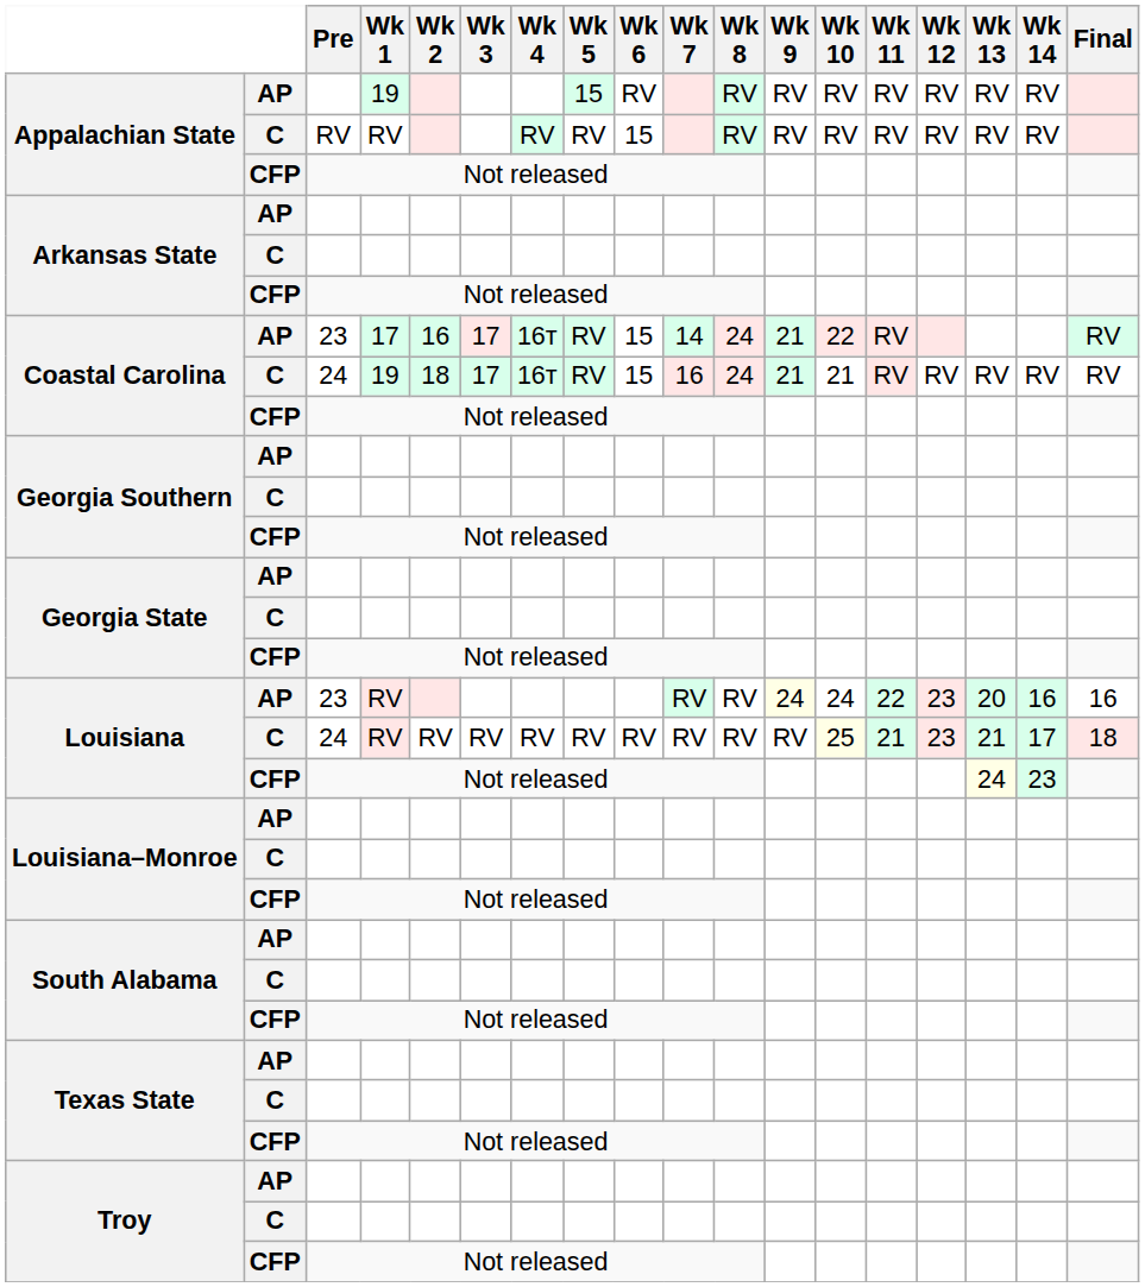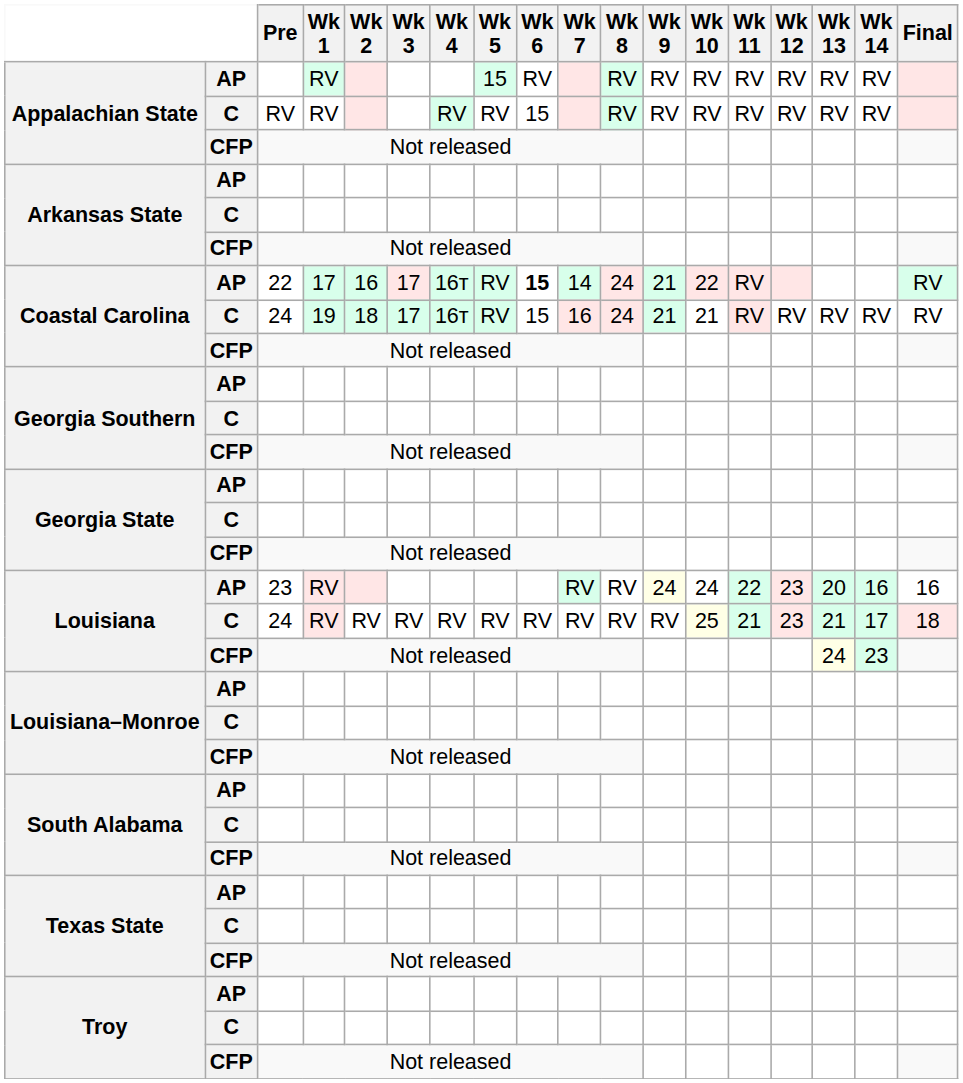 <table class="wikitable" style="white-space:nowrap; font-size:85%">
 <tr>
 <th colspan=2 style="background:white; border-top-style:hidden; border-left-style:hidden;"> </th>
 <th>Pre</th>
 <th>Wk<br>1</th>
 <th>Wk<br>2</th>
 <th>Wk<br>3</th>
 <th>Wk<br>4</th>
 <th>Wk<br>5</th>
 <th>Wk<br>6</th>
 <th>Wk<br>7</th>
 <th>Wk<br>8</th>
 <th>Wk<br>9</th>
 <th>Wk<br>10</th>
 <th>Wk<br>11</th>
 <th>Wk<br>12</th>
 <th>Wk<br>13</th>
 <th>Wk<br>14</th>
 <th>Final</th>
 </tr>
 <tr style="text-align:center;">
 <th rowspan="3">Appalachian State</th>
 <th>AP</th>
 <td style="background:#FFF;"></td>
-<td style="background:#d8ffeb;">19</td>
+<td style="background:#d8ffeb;">RV</td>
 <td style="background:#ffe6e6;"></td>
 <td style="background:#FFF;"></td>
 <td style="background:#FFF;"></td>
 <td style="background:#d8ffeb;">15</td>
 <td style="background:#FFF;">RV</td>
 <td style="background:#ffe6e6;"></td>
 <td style="background:#d8ffeb;">RV</td>
 <td style="background:#FFF;">RV</td>
 <td style="background:#FFF;">RV</td>
 <td style="background:#FFF;">RV</td>
 <td style="background:#FFF;">RV</td>
 <td style="background:#FFF;">RV</td>
 <td style="background:#FFF;">RV</td>
 <td style="background:#ffe6e6;"></td>
 </tr>
 <tr style="text-align:center;">
 <th>C</th>
 <td style="background:#FFF;">RV</td>
 <td style="background:#FFF;">RV</td>
 <td style="background:#ffe6e6;"></td>
 <td style="background:#FFF;"></td>
 <td style="background:#d8ffeb;">RV</td>
 <td style="background:#FFF;">RV</td>
 <td style="background:#FFF;">15</td>
 <td style="background:#ffe6e6;"></td>
 <td style="background:#d8ffeb;">RV</td>
 <td style="background:#FFF;">RV</td>
 <td style="background:#FFF;">RV</td>
 <td style="background:#FFF;">RV</td>
 <td style="background:#FFF;">RV</td>
 <td style="background:#FFF;">RV</td>
 <td style="background:#FFF;">RV</td>
 <td style="background:#ffe6e6;"></td>
 </tr>
 <tr style="text-align:center;">
 <th>CFP</th>
 <td colspan="9" style="text-align:center;">Not released</td>
 <td style="background:#FFF;"></td>
 <td style="background:#FFF;"></td>
 <td style="background:#FFF;"></td>
 <td style="background:#FFF;"></td>
 <td style="background:#FFF;"></td>
 <td style="background:#FFF;"></td>
 <td style="text-align:center;"></td>
 </tr>
 <tr style="text-align:center;">
 <th rowspan="3">Arkansas State</th>
 <th>AP</th>
 <td style="background:#FFF;"></td>
 <td style="background:#FFF;"></td>
 <td style="background:#FFF;"></td>
 <td style="background:#FFF;"></td>
 <td style="background:#FFF;"></td>
 <td style="background:#FFF;"></td>
 <td style="background:#FFF;"></td>
 <td style="background:#FFF;"></td>
 <td style="background:#FFF;"></td>
 <td style="background:#FFF;"></td>
 <td style="background:#FFF;"></td>
 <td style="background:#FFF;"></td>
 <td style="background:#FFF;"></td>
 <td style="background:#FFF;"></td>
 <td style="background:#FFF;"></td>
 <td style="background:#FFF;"></td>
 </tr>
 <tr style="text-align:center;">
 <th>C</th>
 <td style="background:#FFF;"></td>
 <td style="background:#FFF;"></td>
 <td style="background:#FFF;"></td>
 <td style="background:#FFF;"></td>
 <td style="background:#FFF;"></td>
 <td style="background:#FFF;"></td>
 <td style="background:#FFF;"></td>
 <td style="background:#FFF;"></td>
 <td style="background:#FFF;"></td>
 <td style="background:#FFF;"></td>
 <td style="background:#FFF;"></td>
 <td style="background:#FFF;"></td>
 <td style="background:#FFF;"></td>
 <td style="background:#FFF;"></td>
 <td style="background:#FFF;"></td>
 <td style="background:#FFF;"></td>
 </tr>
 <tr style="text-align:center;">
 <th>CFP</th>
 <td colspan="9" style="text-align:center;">Not released</td>
 <td style="background:#FFF;"></td>
 <td style="background:#FFF;"></td>
 <td style="background:#FFF;"></td>
 <td style="background:#FFF;"></td>
 <td style="background:#FFF;"></td>
 <td style="background:#FFF;"></td>
 <td style="text-align:center;"></td>
 </tr>
 <tr style="text-align:center;">
 <th rowspan="3">Coastal Carolina</th>
 <th>AP</th>
-<td style="background:#FFF;">23</td>
+<td style="background:#FFF;">22</td>
 <td style="background:#d8ffeb;">17</td>
 <td style="background:#d8ffeb;">16</td>
 <td style="background:#ffe6e6;">17</td>
 <td style="background:#d8ffeb;">16т</td>
 <td style="background:#d8ffeb;">RV</td>
-<td style="background:#FFF;">15</td>
+<td style="background:#FFF;"><strong>15</strong></td>
 <td style="background:#d8ffeb;">14</td>
 <td style="background:#ffe6e6;">24</td>
 <td style="background:#d8ffeb;">21</td>
 <td style="background:#ffe6e6;">22</td>
 <td style="background:#ffe6e6;">RV</td>
 <td style="background:#ffe6e6;"></td>
 <td style="background:#FFF;"></td>
 <td style="background:#FFF;"></td>
 <td style="background:#d8ffeb;">RV</td>
 </tr>
 <tr style="text-align:center;">
 <th>C</th>
 <td style="background:#FFF;">24</td>
 <td style="background:#d8ffeb;">19</td>
 <td style="background:#d8ffeb;">18</td>
 <td style="background:#d8ffeb;">17</td>
 <td style="background:#d8ffeb;">16т</td>
 <td style="background:#d8ffeb;">RV</td>
 <td style="background:#FFF;">15</td>
 <td style="background:#ffe6e6;">16</td>
 <td style="background:#ffe6e6;">24</td>
 <td style="background:#d8ffeb;">21</td>
 <td style="background:#FFF;">21</td>
 <td style="background:#ffe6e6;">RV</td>
 <td style="background:#FFF;">RV</td>
 <td style="background:#FFF;">RV</td>
 <td style="background:#FFF;">RV</td>
 <td style="background:#FFF;">RV</td>
 </tr>
 <tr style="text-align:center;">
 <th>CFP</th>
 <td colspan="9" style="text-align:center;">Not released</td>
 <td style="background:#FFF;"></td>
 <td style="background:#FFF;"></td>
 <td style="background:#FFF;"></td>
 <td style="background:#FFF;"></td>
 <td style="background:#FFF;"></td>
 <td style="background:#FFF;"></td>
 <td style="text-align:center;"></td>
 </tr>
 <tr style="text-align:center;">
 <th rowspan="3">Georgia Southern</th>
 <th>AP</th>
 <td style="background:#FFF;"></td>
 <td style="background:#FFF;"></td>
 <td style="background:#FFF;"></td>
 <td style="background:#FFF;"></td>
 <td style="background:#FFF;"></td>
 <td style="background:#FFF;"></td>
 <td style="background:#FFF;"></td>
 <td style="background:#FFF;"></td>
 <td style="background:#FFF;"></td>
 <td style="background:#FFF;"></td>
 <td style="background:#FFF;"></td>
 <td style="background:#FFF;"></td>
 <td style="background:#FFF;"></td>
 <td style="background:#FFF;"></td>
 <td style="background:#FFF;"></td>
 <td style="background:#FFF;"></td>
 </tr>
 <tr style="text-align:center;">
 <th>C</th>
 <td style="background:#FFF;"></td>
 <td style="background:#FFF;"></td>
 <td style="background:#FFF;"></td>
 <td style="background:#FFF;"></td>
 <td style="background:#FFF;"></td>
 <td style="background:#FFF;"></td>
 <td style="background:#FFF;"></td>
 <td style="background:#FFF;"></td>
 <td style="background:#FFF;"></td>
 <td style="background:#FFF;"></td>
 <td style="background:#FFF;"></td>
 <td style="background:#FFF;"></td>
 <td style="background:#FFF;"></td>
 <td style="background:#FFF;"></td>
 <td style="background:#FFF;"></td>
 <td style="background:#FFF;"></td>
 </tr>
 <tr style="text-align:center;">
 <th>CFP</th>
 <td colspan="9" style="text-align:center;">Not released</td>
 <td style="background:#FFF;"></td>
 <td style="background:#FFF;"></td>
 <td style="background:#FFF;"></td>
 <td style="background:#FFF;"></td>
 <td style="background:#FFF;"></td>
 <td style="background:#FFF;"></td>
 <td style="text-align:center;"></td>
 </tr>
 <tr style="text-align:center;">
 <th rowspan="3">Georgia State</th>
 <th>AP</th>
 <td style="background:#FFF;"></td>
 <td style="background:#FFF;"></td>
 <td style="background:#FFF;"></td>
 <td style="background:#FFF;"></td>
 <td style="background:#FFF;"></td>
 <td style="background:#FFF;"></td>
 <td style="background:#FFF;"></td>
 <td style="background:#FFF;"></td>
 <td style="background:#FFF;"></td>
 <td style="background:#FFF;"></td>
 <td style="background:#FFF;"></td>
 <td style="background:#FFF;"></td>
 <td style="background:#FFF;"></td>
 <td style="background:#FFF;"></td>
 <td style="background:#FFF;"></td>
 <td style="background:#FFF;"></td>
 </tr>
 <tr style="text-align:center;">
 <th>C</th>
 <td style="background:#FFF;"></td>
 <td style="background:#FFF;"></td>
 <td style="background:#FFF;"></td>
 <td style="background:#FFF;"></td>
 <td style="background:#FFF;"></td>
 <td style="background:#FFF;"></td>
 <td style="background:#FFF;"></td>
 <td style="background:#FFF;"></td>
 <td style="background:#FFF;"></td>
 <td style="background:#FFF;"></td>
 <td style="background:#FFF;"></td>
 <td style="background:#FFF;"></td>
 <td style="background:#FFF;"></td>
 <td style="background:#FFF;"></td>
 <td style="background:#FFF;"></td>
 <td style="background:#FFF;"></td>
 </tr>
 <tr style="text-align:center;">
 <th>CFP</th>
 <td colspan="9" style="text-align:center;">Not released</td>
 <td style="background:#FFF;"></td>
 <td style="background:#FFF;"></td>
 <td style="background:#FFF;"></td>
 <td style="background:#FFF;"></td>
 <td style="background:#FFF;"></td>
 <td style="background:#FFF;"></td>
 <td style="text-align:center;"></td>
 </tr>
 <tr style="text-align:center;">
 <th rowspan="3">Louisiana</th>
 <th>AP</th>
 <td style="background:#FFF;">23</td>
 <td style="background:#ffe6e6;">RV</td>
 <td style="background:#ffe6e6;"></td>
 <td style="background:#FFF;"></td>
 <td style="background:#FFF;"></td>
 <td style="background:#FFF;"></td>
 <td style="background:#FFF;"></td>
 <td style="background:#d8ffeb;">RV</td>
 <td style="background:#FFF;">RV</td>
 <td style="background:#ffffe6;">24</td>
 <td style="background:#FFF;">24</td>
 <td style="background:#d8ffeb;">22</td>
 <td style="background:#ffe6e6;">23</td>
 <td style="background:#d8ffeb;">20</td>
 <td style="background:#d8ffeb;">16</td>
 <td style="background:#FFF;">16</td>
 </tr>
 <tr style="text-align:center;">
 <th>C</th>
 <td style="background:#FFF;">24</td>
 <td style="background:#ffe6e6;">RV</td>
 <td style="background:#FFF;">RV</td>
 <td style="background:#FFF;">RV</td>
 <td style="background:#FFF;">RV</td>
 <td style="background:#FFF;">RV</td>
 <td style="background:#FFF;">RV</td>
 <td style="background:#FFF;">RV</td>
 <td style="background:#FFF;">RV</td>
 <td style="background:#FFF;">RV</td>
 <td style="background:#ffffe6;">25</td>
 <td style="background:#d8ffeb;">21</td>
 <td style="background:#ffe6e6;">23</td>
 <td style="background:#d8ffeb;">21</td>
 <td style="background:#d8ffeb;">17</td>
 <td style="background:#ffe6e6;">18</td>
 </tr>
 <tr style="text-align:center;">
 <th>CFP</th>
 <td colspan="9" style="text-align:center;">Not released</td>
 <td style="background:#FFF;"></td>
 <td style="background:#FFF;"></td>
 <td style="background:#FFF;"></td>
 <td style="background:#FFF;"></td>
 <td style="background:#ffffe6;">24</td>
 <td style="background:#d8ffeb;">23</td>
 <td style="text-align:center;"></td>
 </tr>
 <tr style="text-align:center;">
 <th rowspan="3">Louisiana–Monroe</th>
 <th>AP</th>
 <td style="background:#FFF;"></td>
 <td style="background:#FFF;"></td>
 <td style="background:#FFF;"></td>
 <td style="background:#FFF;"></td>
 <td style="background:#FFF;"></td>
 <td style="background:#FFF;"></td>
 <td style="background:#FFF;"></td>
 <td style="background:#FFF;"></td>
 <td style="background:#FFF;"></td>
 <td style="background:#FFF;"></td>
 <td style="background:#FFF;"></td>
 <td style="background:#FFF;"></td>
 <td style="background:#FFF;"></td>
 <td style="background:#FFF;"></td>
 <td style="background:#FFF;"></td>
 <td style="background:#FFF;"></td>
 </tr>
 <tr style="text-align:center;">
 <th>C</th>
 <td style="background:#FFF;"></td>
 <td style="background:#FFF;"></td>
 <td style="background:#FFF;"></td>
 <td style="background:#FFF;"></td>
 <td style="background:#FFF;"></td>
 <td style="background:#FFF;"></td>
 <td style="background:#FFF;"></td>
 <td style="background:#FFF;"></td>
 <td style="background:#FFF;"></td>
 <td style="background:#FFF;"></td>
 <td style="background:#FFF;"></td>
 <td style="background:#FFF;"></td>
 <td style="background:#FFF;"></td>
 <td style="background:#FFF;"></td>
 <td style="background:#FFF;"></td>
 <td style="background:#FFF;"></td>
 </tr>
 <tr style="text-align:center;">
 <th>CFP</th>
 <td colspan="9" style="text-align:center;">Not released</td>
 <td style="background:#FFF;"></td>
 <td style="background:#FFF;"></td>
 <td style="background:#FFF;"></td>
 <td style="background:#FFF;"></td>
 <td style="background:#FFF;"></td>
 <td style="background:#FFF;"></td>
 <td style="text-align:center;"></td>
 </tr>
 <tr style="text-align:center;">
 <th rowspan="3">South Alabama</th>
 <th>AP</th>
 <td style="background:#FFF;"></td>
 <td style="background:#FFF;"></td>
 <td style="background:#FFF;"></td>
 <td style="background:#FFF;"></td>
 <td style="background:#FFF;"></td>
 <td style="background:#FFF;"></td>
 <td style="background:#FFF;"></td>
 <td style="background:#FFF;"></td>
 <td style="background:#FFF;"></td>
 <td style="background:#FFF;"></td>
 <td style="background:#FFF;"></td>
 <td style="background:#FFF;"></td>
 <td style="background:#FFF;"></td>
 <td style="background:#FFF;"></td>
 <td style="background:#FFF;"></td>
 <td style="background:#FFF;"></td>
 </tr>
 <tr style="text-align:center;">
 <th>C</th>
 <td style="background:#FFF;"></td>
 <td style="background:#FFF;"></td>
 <td style="background:#FFF;"></td>
 <td style="background:#FFF;"></td>
 <td style="background:#FFF;"></td>
 <td style="background:#FFF;"></td>
 <td style="background:#FFF;"></td>
 <td style="background:#FFF;"></td>
 <td style="background:#FFF;"></td>
 <td style="background:#FFF;"></td>
 <td style="background:#FFF;"></td>
 <td style="background:#FFF;"></td>
 <td style="background:#FFF;"></td>
 <td style="background:#FFF;"></td>
 <td style="background:#FFF;"></td>
 <td style="background:#FFF;"></td>
 </tr>
 <tr style="text-align:center;">
 <th>CFP</th>
 <td colspan="9" style="text-align:center;">Not released</td>
 <td style="background:#FFF;"></td>
 <td style="background:#FFF;"></td>
 <td style="background:#FFF;"></td>
 <td style="background:#FFF;"></td>
 <td style="background:#FFF;"></td>
 <td style="background:#FFF;"></td>
 <td style="text-align:center;"></td>
 </tr>
 <tr style="text-align:center;">
 <th rowspan="3">Texas State</th>
 <th>AP</th>
 <td style="background:#FFF;"></td>
 <td style="background:#FFF;"></td>
 <td style="background:#FFF;"></td>
 <td style="background:#FFF;"></td>
 <td style="background:#FFF;"></td>
 <td style="background:#FFF;"></td>
 <td style="background:#FFF;"></td>
 <td style="background:#FFF;"></td>
 <td style="background:#FFF;"></td>
 <td style="background:#FFF;"></td>
 <td style="background:#FFF;"></td>
 <td style="background:#FFF;"></td>
 <td style="background:#FFF;"></td>
 <td style="background:#FFF;"></td>
 <td style="background:#FFF;"></td>
 <td style="background:#FFF;"></td>
 </tr>
 <tr style="text-align:center;">
 <th>C</th>
 <td style="background:#FFF;"></td>
 <td style="background:#FFF;"></td>
 <td style="background:#FFF;"></td>
 <td style="background:#FFF;"></td>
 <td style="background:#FFF;"></td>
 <td style="background:#FFF;"></td>
 <td style="background:#FFF;"></td>
 <td style="background:#FFF;"></td>
 <td style="background:#FFF;"></td>
 <td style="background:#FFF;"></td>
 <td style="background:#FFF;"></td>
 <td style="background:#FFF;"></td>
 <td style="background:#FFF;"></td>
 <td style="background:#FFF;"></td>
 <td style="background:#FFF;"></td>
 <td style="background:#FFF;"></td>
 </tr>
 <tr style="text-align:center;">
 <th>CFP</th>
 <td colspan="9" style="text-align:center;">Not released</td>
 <td style="background:#FFF;"></td>
 <td style="background:#FFF;"></td>
 <td style="background:#FFF;"></td>
 <td style="background:#FFF;"></td>
 <td style="background:#FFF;"></td>
 <td style="background:#FFF;"></td>
 <td style="text-align:center;"></td>
 </tr>
 <tr style="text-align:center;">
 <th rowspan="3">Troy</th>
 <th>AP</th>
 <td style="background:#FFF;"></td>
 <td style="background:#FFF;"></td>
 <td style="background:#FFF;"></td>
 <td style="background:#FFF;"></td>
 <td style="background:#FFF;"></td>
 <td style="background:#FFF;"></td>
 <td style="background:#FFF;"></td>
 <td style="background:#FFF;"></td>
 <td style="background:#FFF;"></td>
 <td style="background:#FFF;"></td>
 <td style="background:#FFF;"></td>
 <td style="background:#FFF;"></td>
 <td style="background:#FFF;"></td>
 <td style="background:#FFF;"></td>
 <td style="background:#FFF;"></td>
 <td style="background:#FFF;"></td>
 </tr>
 <tr style="text-align:center;">
 <th>C</th>
 <td style="background:#FFF;"></td>
 <td style="background:#FFF;"></td>
 <td style="background:#FFF;"></td>
 <td style="background:#FFF;"></td>
 <td style="background:#FFF;"></td>
 <td style="background:#FFF;"></td>
 <td style="background:#FFF;"></td>
 <td style="background:#FFF;"></td>
 <td style="background:#FFF;"></td>
 <td style="background:#FFF;"></td>
 <td style="background:#FFF;"></td>
 <td style="background:#FFF;"></td>
 <td style="background:#FFF;"></td>
 <td style="background:#FFF;"></td>
 <td style="background:#FFF;"></td>
 <td style="background:#FFF;"></td>
 </tr>
 <tr style="text-align:center;">
 <th>CFP</th>
 <td colspan="9" style="text-align:center;">Not released</td>
 <td style="background:#FFF;"></td>
 <td style="background:#FFF;"></td>
 <td style="background:#FFF;"></td>
 <td style="background:#FFF;"></td>
 <td style="background:#FFF;"></td>
 <td style="background:#FFF;"></td>
 <td style="text-align:center;"></td>
 </tr>
 <tr>
 </tr>
 </table>
